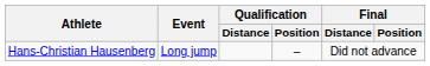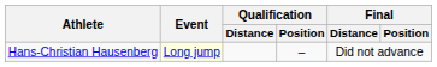 <table class="wikitable" style="font-size:90%">
 <tr>
 <th rowspan="2">Athlete</th>
 <th rowspan="2">Event</th>
 <th colspan="2">Qualification</th>
 <th colspan="2">Final</th>
 </tr>
 <tr style="font-size:95%">
 <th>Distance</th>
 <th>Position</th>
 <th>Distance</th>
 <th>Position</th>
 </tr>
 <tr align="center">
 <td align="left"><a href='#'>Hans-Christian Hausenberg</a></td>
-<td align="left"><a href='#'>Long jump</a></td>
+<td align="left" style="background: lightyellow;"><a href='#'>Long jump</a></td>
 <td></td>
 <td>–</td>
 <td align=center colspan=2>Did not advance</td>
 </tr>
 </table>
